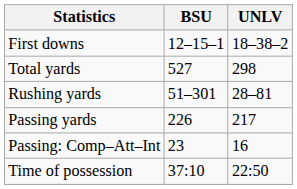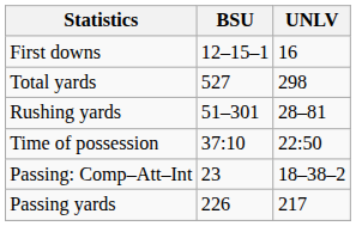 <table class="wikitable" style="float: left;">
 <tr>
 <th>Statistics</th>
 <th>BSU</th>
 <th>UNLV</th>
 </tr>
 <tr>
 <td>First downs</td>
 <td>12–15–1</td>
-<td>18–38–2</td>
+<td>16</td>
 </tr>
 <tr>
 <td>Total yards</td>
 <td>527</td>
 <td>298</td>
 </tr>
 <tr>
 <td>Rushing yards</td>
 <td>51–301</td>
 <td>28–81</td>
 </tr>
 <tr>
+<td>Time of possession</td>
+<td>37:10</td>
+<td>22:50</td>
+</tr>
+<tr>
+<td>Passing: Comp–Att–Int</td>
+<td>23</td>
+<td>18–38–2</td>
+</tr>
+<tr>
 <td>Passing yards</td>
 <td>226</td>
 <td>217</td>
 </tr>
 <tr>
-<td>Passing: Comp–Att–Int</td>
-<td>23</td>
-<td>16</td>
-</tr>
-<tr>
-<td>Time of possession</td>
-<td>37:10</td>
-<td>22:50</td>
-</tr>
-<tr>
 </tr>
 </table>
